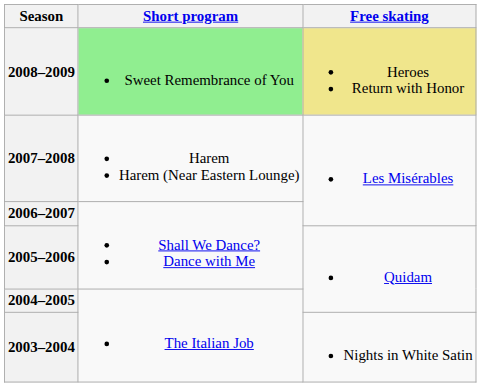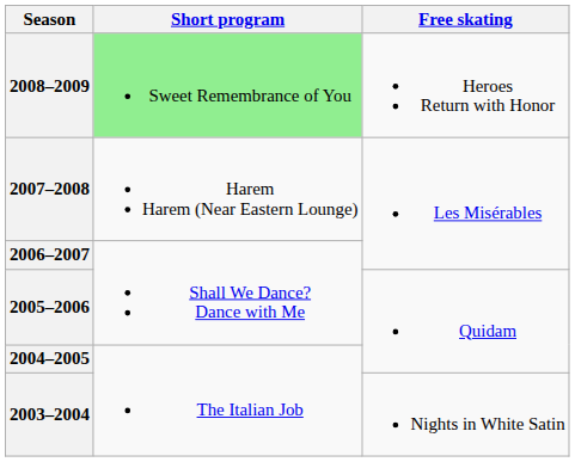 <table class="wikitable"  style="text-align:center">
 <tr>
 <th>Season</th>
 <th><a href='#'>Short program</a></th>
 <th><a href='#'>Free skating</a></th>
 </tr>
 <tr>
 <th>2008–2009 <br> </th>
 <td style="background: lightgreen;"><br><ul><li>Sweet Remembrance of You <br></li></ul></td>
-<td style="background: khaki;"><br><ul><li>Heroes <br></li><li>Return with Honor <br></li></ul></td>
+<td><br><ul><li>Heroes <br></li><li>Return with Honor <br></li></ul></td>
 </tr>
 <tr>
 <th>2007–2008 <br> </th>
 <td><br><ul><li>Harem <br></li><li>Harem (Near Eastern Lounge) <br></li></ul></td>
 <td rowspan=2><br><ul><li><a href='#'>Les Misérables</a> <br></li></ul></td>
 </tr>
 <tr>
 <th>2006–2007 <br> </th>
 <td rowspan=2><br><ul><li><a href='#'>Shall We Dance?</a></li><li><a href='#'>Dance with Me</a> <br></li></ul></td>
 </tr>
 <tr>
 <th>2005–2006 <br></th>
 <td rowspan=2><br><ul><li><a href='#'>Quidam</a> <br></li></ul></td>
 </tr>
 <tr>
 <th>2004–2005 <br></th>
 <td rowspan=2><br><ul><li><a href='#'>The Italian Job</a> <br></li></ul></td>
 </tr>
 <tr>
 <th>2003–2004 <br></th>
 <td><br><ul><li>Nights in White Satin <br></li></ul></td>
 </tr>
 </table>
